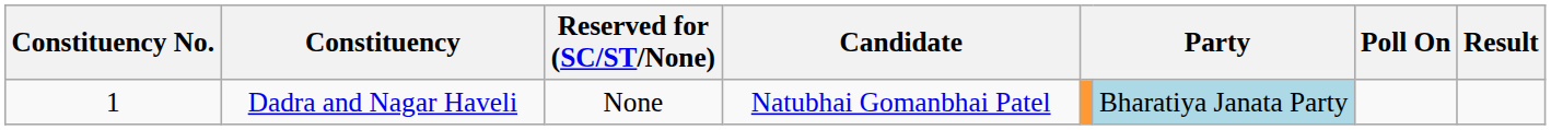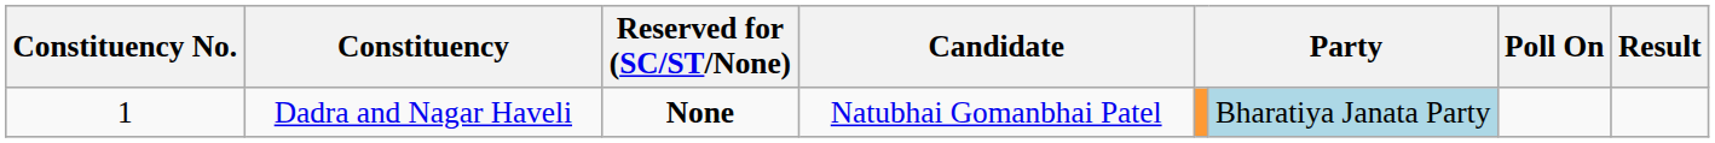 <table class="wikitable sortable" style="text-align:center">
 <tr>
 <th>Constituency No.</th>
 <th style="width:180px;">Constituency</th>
 <th>Reserved for<br>(<a href='#'>SC/ST</a>/None)</th>
 <th style="width:200px;">Candidate</th>
 <th colspan="2">Party</th>
 <th>Poll On</th>
 <th>Result</th>
 </tr>
 <tr>
 <td style="text-align:center;">1</td>
 <td><a href='#'>Dadra and Nagar Haveli</a></td>
-<td>None</td>
+<td><strong>None</strong></td>
 <td><a href='#'>Natubhai Gomanbhai Patel</a></td>
 <td bgcolor=#FF9933></td>
 <td style="background: lightblue;">Bharatiya Janata Party</td>
 <td></td>
 <td></td>
 </tr>
 </table>
